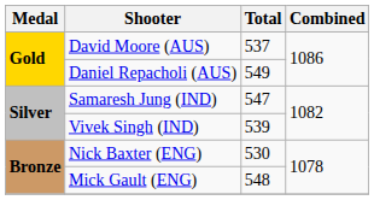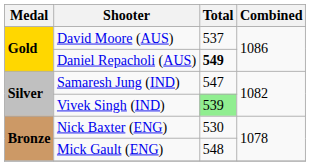 <table class="wikitable">
 <tr>
 <th>Medal</th>
 <th>Shooter</th>
 <th>Total</th>
 <th>Combined</th>
 </tr>
 <tr>
 <td rowspan="2" bgcolor="gold"><strong>Gold</strong></td>
 <td> <a href='#'>David Moore</a> (<a href='#'>AUS</a>)</td>
 <td>537</td>
 <td rowspan="2">1086</td>
 </tr>
 <tr>
 <td> <a href='#'>Daniel Repacholi</a> (<a href='#'>AUS</a>)</td>
-<td>549</td>
+<td><strong>549</strong></td>
 </tr>
 <tr>
 <td rowspan="2" bgcolor="silver"><strong>Silver</strong></td>
 <td> <a href='#'>Samaresh Jung</a> (<a href='#'>IND</a>)</td>
 <td>547</td>
 <td rowspan="2">1082</td>
 </tr>
 <tr>
 <td> <a href='#'>Vivek Singh</a> (<a href='#'>IND</a>)</td>
-<td>539</td>
+<td style="background: lightgreen;">539</td>
 </tr>
 <tr>
 <td rowspan="2" bgcolor="cc9966"><strong>Bronze</strong></td>
 <td> <a href='#'>Nick Baxter</a> (<a href='#'>ENG</a>)</td>
 <td>530</td>
 <td rowspan="2">1078</td>
 </tr>
 <tr>
 <td> <a href='#'>Mick Gault</a> (<a href='#'>ENG</a>)</td>
 <td>548</td>
 </tr>
 <tr>
 </tr>
 </table>
